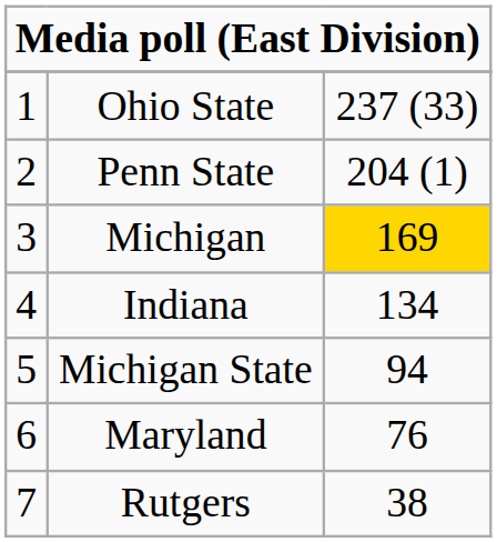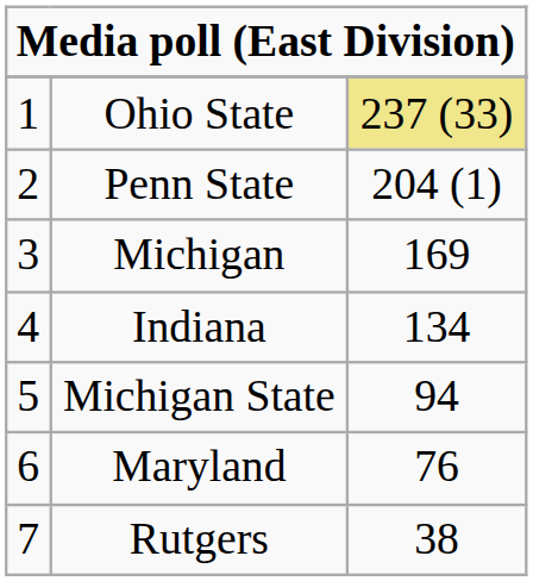 <table class="wikitable" style="display: inline-table;">
 <tr>
 <td colspan="3" align="center"><strong>Media poll (East Division)</strong></td>
 </tr>
 <tr align="center">
 </tr>
 <tr align="center">
 <td>1</td>
 <td>Ohio State</td>
-<td>237 (33)</td>
+<td style="background: khaki;">237 (33)</td>
 </tr>
 <tr align="center">
 <td>2</td>
 <td>Penn State</td>
 <td>204 (1)</td>
 </tr>
 <tr align="center">
 <td>3</td>
 <td>Michigan</td>
-<td style="background: gold;">169</td>
+<td>169</td>
 </tr>
 <tr align="center">
 <td>4</td>
 <td>Indiana</td>
 <td>134</td>
 </tr>
 <tr align="center">
 <td>5</td>
 <td>Michigan State</td>
 <td>94</td>
 </tr>
 <tr align="center">
 <td>6</td>
 <td>Maryland</td>
 <td>76</td>
 </tr>
 <tr align="center">
 <td>7</td>
 <td>Rutgers</td>
 <td>38</td>
 </tr>
 </table>
